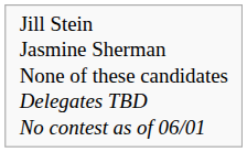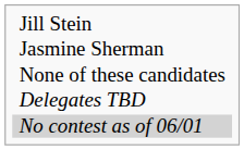 <table style="float; margin-left: 1em; margin-bottom: 0.5em" class="infobox">
 <tr>
 <td style="padding: 0 5px;"> Jill Stein</td>
 </tr>
 <tr>
 <td style="padding: 0 5px;"> Jasmine Sherman</td>
 </tr>
 <tr>
 <td style="padding: 0 5px;"> None of these candidates</td>
 </tr>
 <tr>
 <td style="padding: 0 5px;"> <em>Delegates TBD</em></td>
 </tr>
 <tr>
-<td style="padding: 0 5px;"> <em>No contest as of 06/01</em></td>
+<td style="background: lightgrey; padding: 0 5px;"> <em>No contest as of 06/01</em></td>
 </tr>
 </table>
